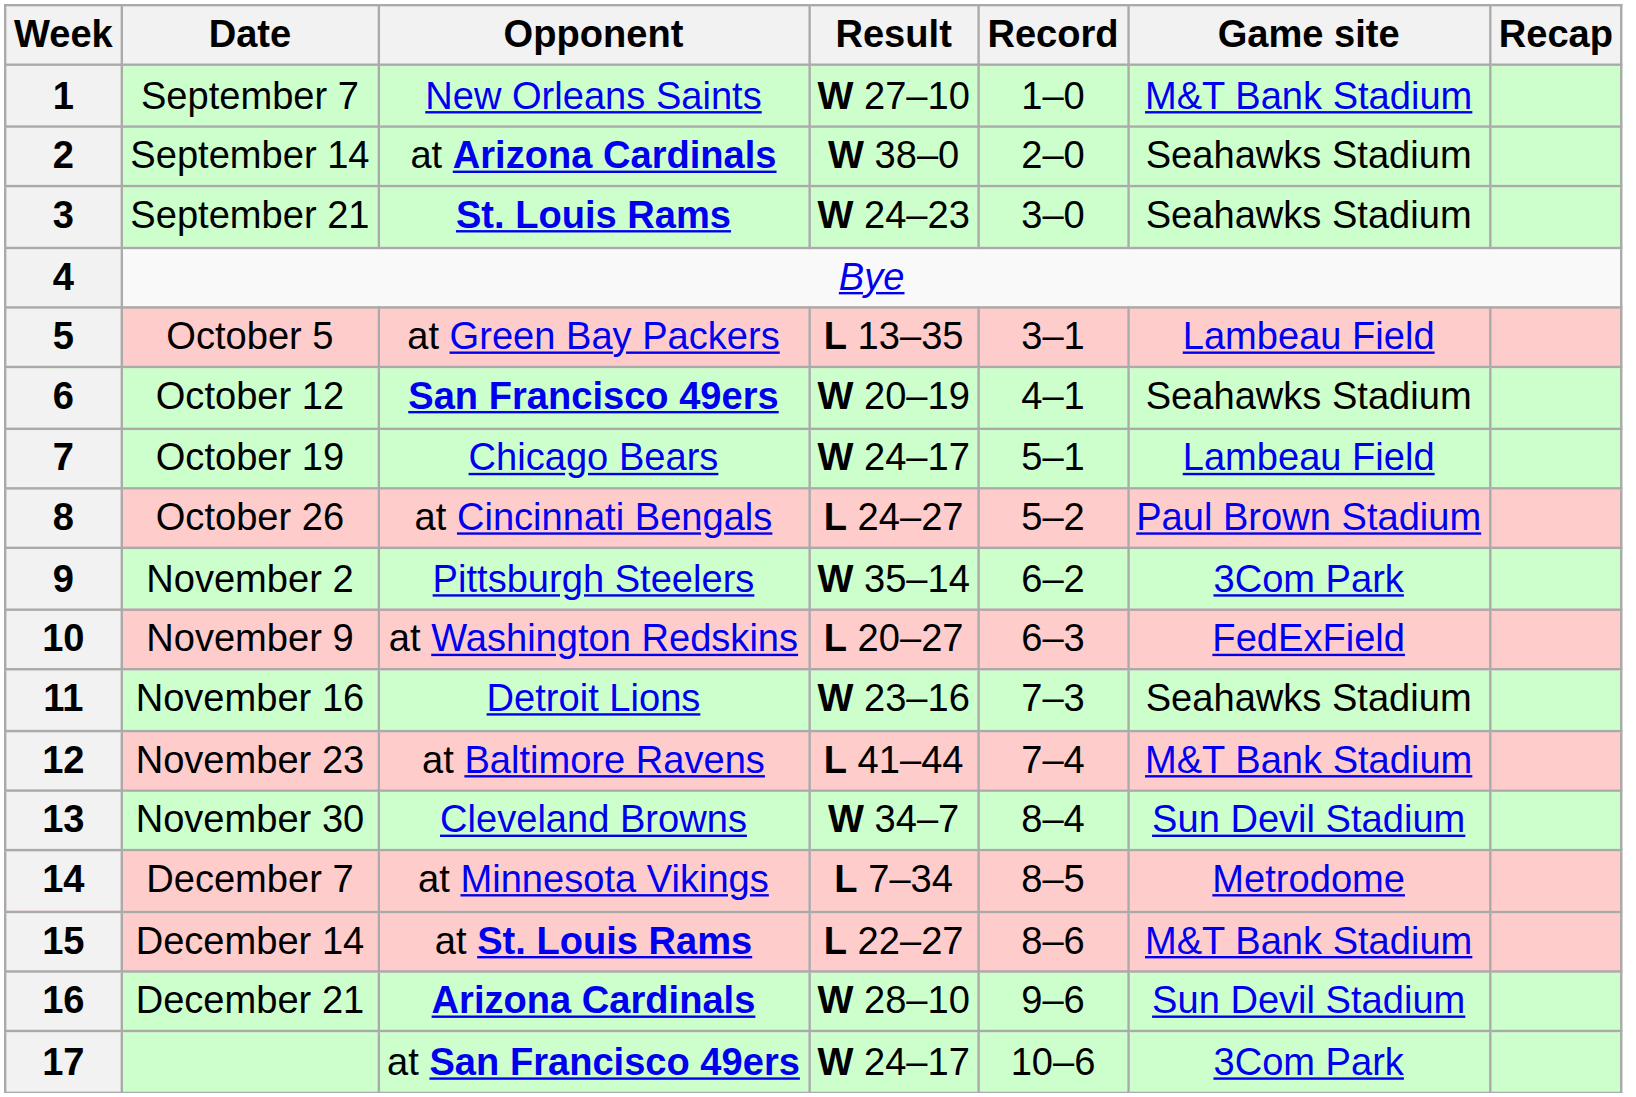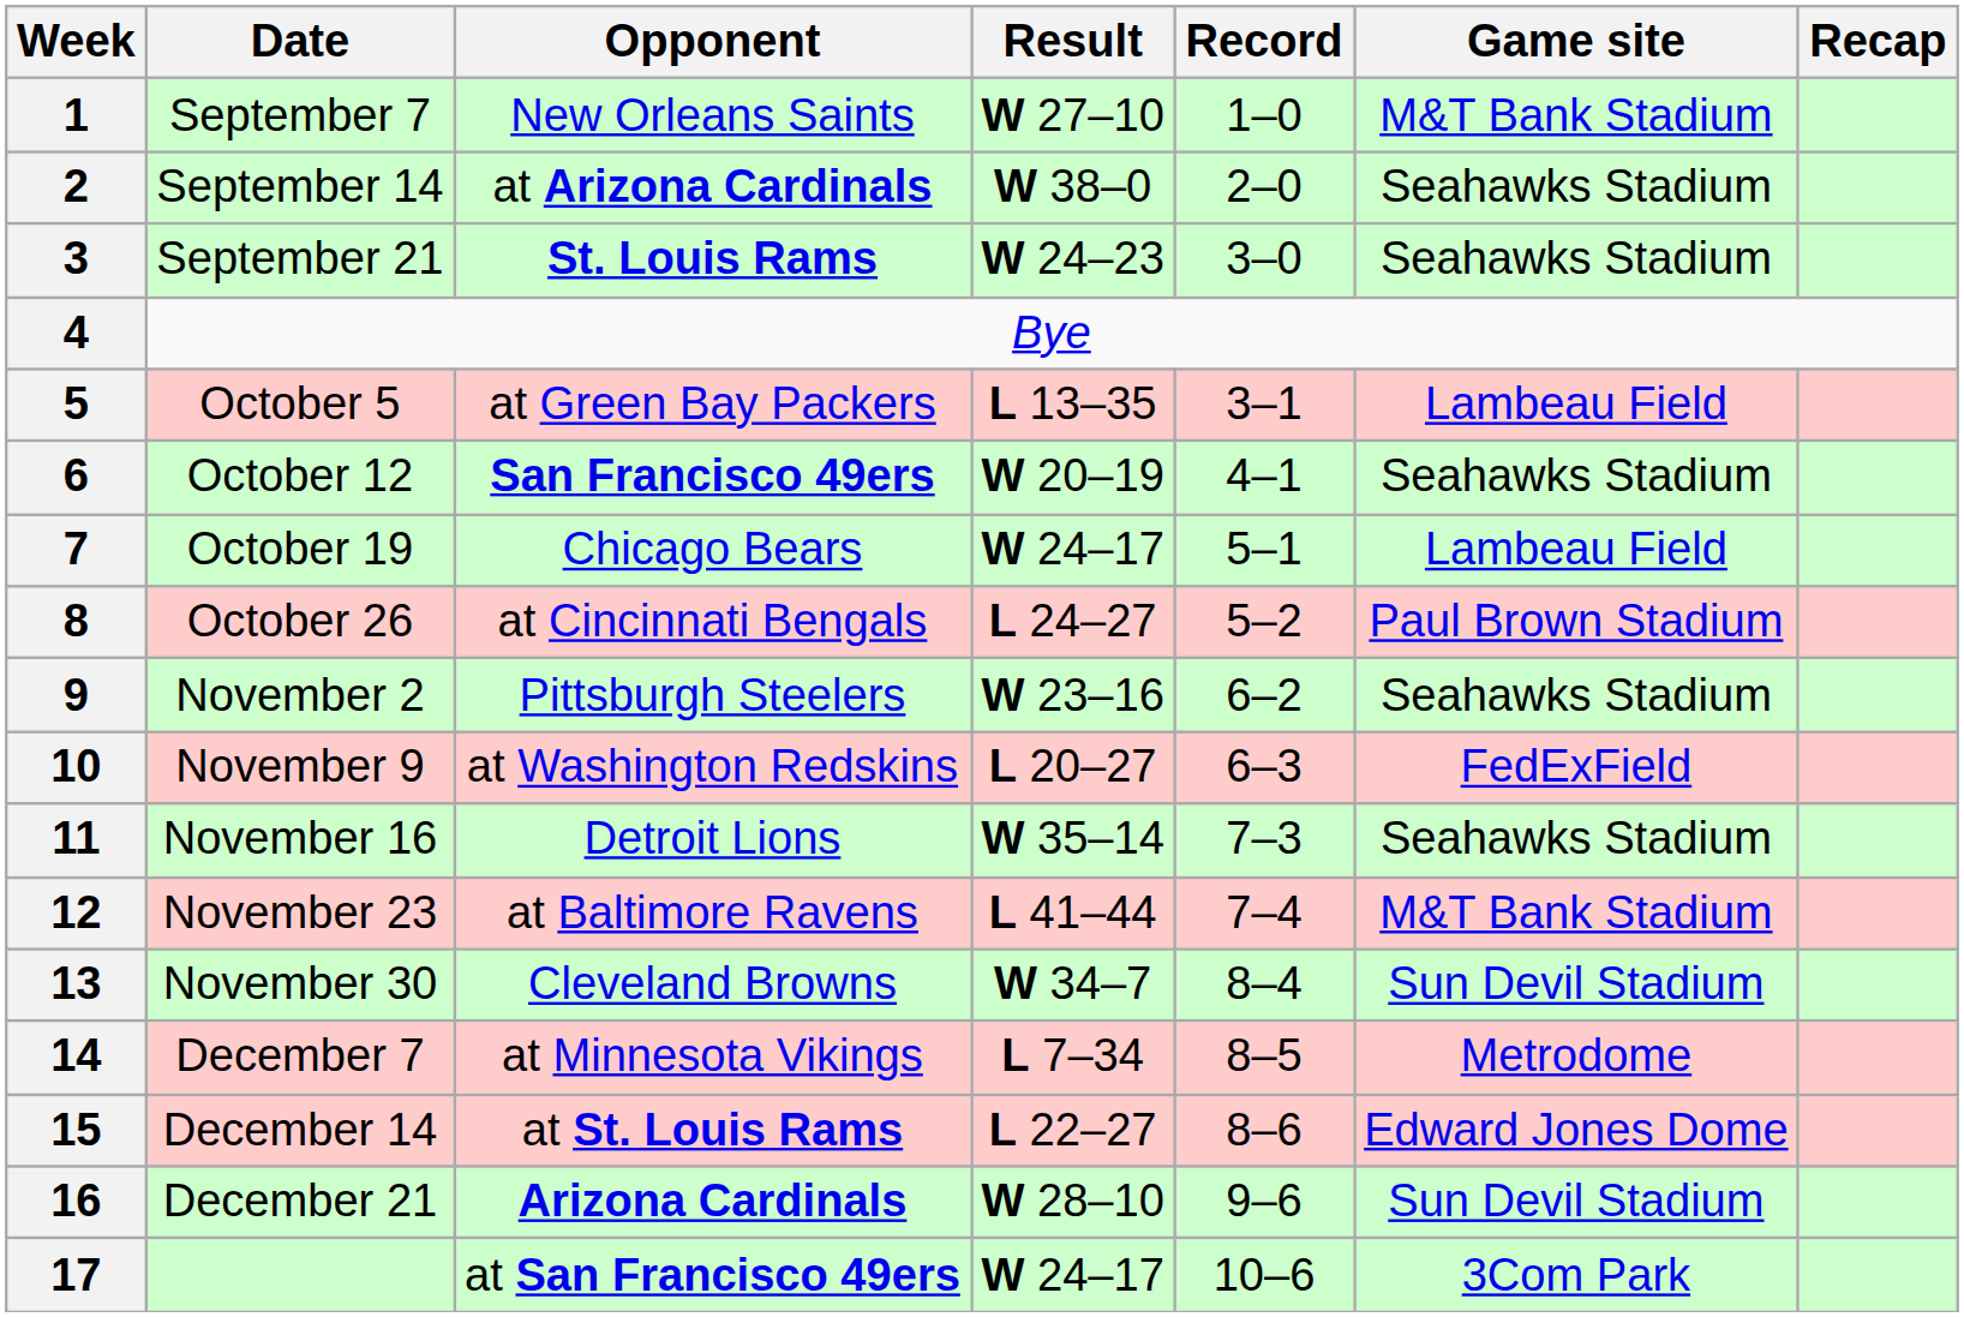 <table class="wikitable" style="text-align:center">
 <tr>
 <th>Week</th>
 <th>Date</th>
 <th>Opponent</th>
 <th>Result</th>
 <th>Record</th>
 <th>Game site</th>
 <th>Recap</th>
 </tr>
 <tr style="background:#cfc">
 <th>1</th>
 <td>September 7</td>
 <td><a href='#'>New Orleans Saints</a></td>
 <td><strong>W</strong> 27–10</td>
 <td>1–0</td>
 <td><a href='#'>M&T Bank Stadium</a></td>
 <td></td>
 </tr>
 <tr style="background:#cfc">
 <th>2</th>
 <td>September 14</td>
 <td>at <strong><a href='#'>Arizona Cardinals</a></strong></td>
 <td><strong>W</strong> 38–0</td>
 <td>2–0</td>
 <td>Seahawks Stadium</td>
 <td></td>
 </tr>
 <tr style="background:#cfc">
 <th>3</th>
 <td>September 21</td>
 <td><strong><a href='#'>St. Louis Rams</a></strong></td>
 <td><strong>W</strong> 24–23</td>
 <td>3–0</td>
 <td>Seahawks Stadium</td>
 <td></td>
 </tr>
 <tr>
 <th>4</th>
 <td colspan="6"><em><a href='#'>Bye</a></em></td>
 </tr>
 <tr style="background:#fcc">
 <th>5</th>
 <td>October 5</td>
 <td>at <a href='#'>Green Bay Packers</a></td>
 <td><strong>L</strong> 13–35</td>
 <td>3–1</td>
 <td><a href='#'>Lambeau Field</a></td>
 <td></td>
 </tr>
 <tr style="background:#cfc">
 <th>6</th>
 <td>October 12</td>
 <td><strong><a href='#'>San Francisco 49ers</a></strong></td>
 <td><strong>W</strong> 20–19</td>
 <td>4–1</td>
 <td>Seahawks Stadium</td>
 <td></td>
 </tr>
 <tr style="background:#cfc">
 <th>7</th>
 <td>October 19</td>
 <td><a href='#'>Chicago Bears</a></td>
 <td><strong>W</strong> 24–17</td>
 <td>5–1</td>
 <td><a href='#'>Lambeau Field</a></td>
 <td></td>
 </tr>
 <tr style="background:#fcc">
 <th>8</th>
 <td>October 26</td>
 <td>at <a href='#'>Cincinnati Bengals</a></td>
 <td><strong>L</strong> 24–27</td>
 <td>5–2</td>
 <td><a href='#'>Paul Brown Stadium</a></td>
 <td></td>
 </tr>
 <tr style="background:#cfc">
 <th>9</th>
 <td>November 2</td>
 <td><a href='#'>Pittsburgh Steelers</a></td>
-<td><strong>W</strong> 35–14</td>
+<td><strong>W</strong> 23–16</td>
 <td>6–2</td>
-<td><a href='#'>3Com Park</a></td>
+<td>Seahawks Stadium</td>
 <td></td>
 </tr>
 <tr style="background:#fcc">
 <th>10</th>
 <td>November 9</td>
 <td>at <a href='#'>Washington Redskins</a></td>
 <td><strong>L</strong> 20–27</td>
 <td>6–3</td>
 <td><a href='#'>FedExField</a></td>
 <td></td>
 </tr>
 <tr style="background:#cfc">
 <th>11</th>
 <td>November 16</td>
 <td><a href='#'>Detroit Lions</a></td>
-<td><strong>W</strong> 23–16</td>
+<td><strong>W</strong> 35–14</td>
 <td>7–3</td>
 <td>Seahawks Stadium</td>
 <td></td>
 </tr>
 <tr style="background:#fcc">
 <th>12</th>
 <td>November 23</td>
 <td>at <a href='#'>Baltimore Ravens</a></td>
 <td><strong>L</strong> 41–44 </td>
 <td>7–4</td>
 <td><a href='#'>M&T Bank Stadium</a></td>
 <td></td>
 </tr>
 <tr style="background:#cfc">
 <th>13</th>
 <td>November 30</td>
 <td><a href='#'>Cleveland Browns</a></td>
 <td><strong>W</strong> 34–7</td>
 <td>8–4</td>
 <td><a href='#'>Sun Devil Stadium</a></td>
 <td></td>
 </tr>
 <tr style="background:#fcc">
 <th>14</th>
 <td>December 7</td>
 <td>at <a href='#'>Minnesota Vikings</a></td>
 <td><strong>L</strong> 7–34</td>
 <td>8–5</td>
 <td><a href='#'>Metrodome</a></td>
 <td></td>
 </tr>
 <tr style="background:#fcc">
 <th>15</th>
 <td>December 14</td>
 <td>at <strong><a href='#'>St. Louis Rams</a></strong></td>
 <td><strong>L</strong> 22–27</td>
 <td>8–6</td>
-<td><a href='#'>M&T Bank Stadium</a></td>
+<td><a href='#'>Edward Jones Dome</a></td>
 <td></td>
 </tr>
 <tr style="background:#cfc">
 <th>16</th>
 <td>December 21</td>
 <td><strong><a href='#'>Arizona Cardinals</a></strong></td>
 <td><strong>W</strong> 28–10</td>
 <td>9–6</td>
 <td><a href='#'>Sun Devil Stadium</a></td>
 <td></td>
 </tr>
 <tr style="background:#cfc">
 <th>17</th>
 <td></td>
 <td>at <strong><a href='#'>San Francisco 49ers</a></strong></td>
 <td><strong>W</strong> 24–17</td>
 <td>10–6</td>
 <td><a href='#'>3Com Park</a></td>
 <td></td>
 </tr>
 </table>
